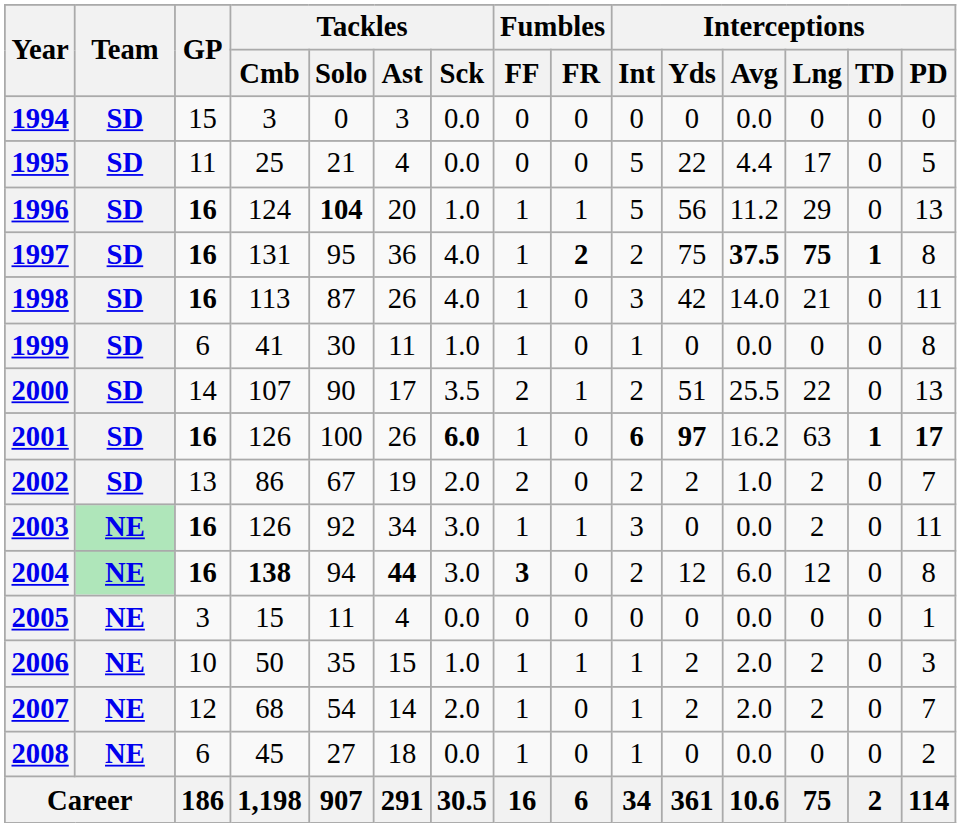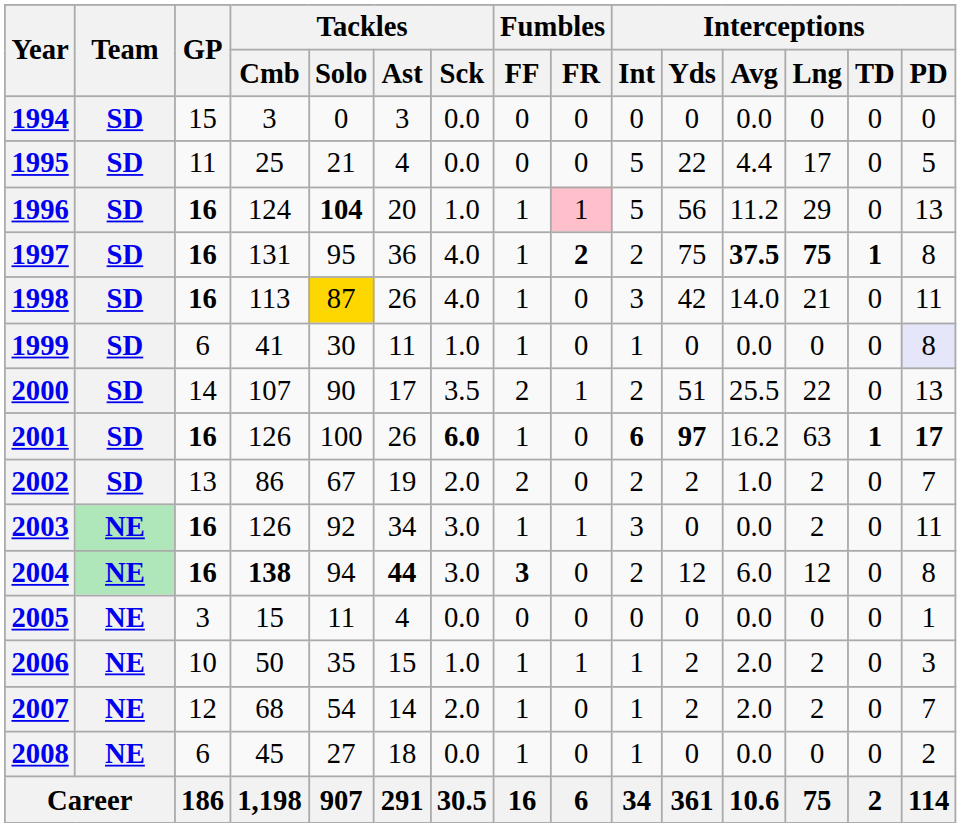 <table class=wikitable style="text-align:center;">
 <tr>
 <th rowspan="2">Year</th>
 <th rowspan="2">Team</th>
 <th rowspan="2">GP</th>
 <th colspan="4">Tackles</th>
 <th colspan="2">Fumbles</th>
 <th colspan="6">Interceptions</th>
 </tr>
 <tr>
 <th>Cmb</th>
 <th>Solo</th>
 <th>Ast</th>
 <th>Sck</th>
 <th>FF</th>
 <th>FR</th>
 <th>Int</th>
 <th>Yds</th>
 <th>Avg</th>
 <th>Lng</th>
 <th>TD</th>
 <th>PD</th>
 </tr>
 <tr>
 <th><a href='#'>1994</a></th>
 <th><a href='#'>SD</a></th>
 <td>15</td>
 <td>3</td>
 <td>0</td>
 <td>3</td>
 <td>0.0</td>
 <td>0</td>
 <td>0</td>
 <td>0</td>
 <td>0</td>
 <td>0.0</td>
 <td>0</td>
 <td>0</td>
 <td>0</td>
 </tr>
 <tr>
 <th><a href='#'>1995</a></th>
 <th><a href='#'>SD</a></th>
 <td>11</td>
 <td>25</td>
 <td>21</td>
 <td>4</td>
 <td>0.0</td>
 <td>0</td>
 <td>0</td>
 <td>5</td>
 <td>22</td>
 <td>4.4</td>
 <td>17</td>
 <td>0</td>
 <td>5</td>
 </tr>
 <tr>
 <th><a href='#'>1996</a></th>
 <th><a href='#'>SD</a></th>
 <td><strong>16</strong></td>
 <td>124</td>
 <td><strong>104</strong></td>
 <td>20</td>
 <td>1.0</td>
 <td>1</td>
-<td>1</td>
+<td style="background: pink;">1</td>
 <td>5</td>
 <td>56</td>
 <td>11.2</td>
 <td>29</td>
 <td>0</td>
 <td>13</td>
 </tr>
 <tr>
 <th><a href='#'>1997</a></th>
 <th><a href='#'>SD</a></th>
 <td><strong>16</strong></td>
 <td>131</td>
 <td>95</td>
 <td>36</td>
 <td>4.0</td>
 <td>1</td>
 <td><strong>2</strong></td>
 <td>2</td>
 <td>75</td>
 <td><strong>37.5</strong></td>
 <td><strong>75</strong></td>
 <td><strong>1</strong></td>
 <td>8</td>
 </tr>
 <tr>
 <th><a href='#'>1998</a></th>
 <th><a href='#'>SD</a></th>
 <td><strong>16</strong></td>
 <td>113</td>
-<td>87</td>
+<td style="background: gold;">87</td>
 <td>26</td>
 <td>4.0</td>
 <td>1</td>
 <td>0</td>
 <td>3</td>
 <td>42</td>
 <td>14.0</td>
 <td>21</td>
 <td>0</td>
 <td>11</td>
 </tr>
 <tr>
 <th><a href='#'>1999</a></th>
 <th><a href='#'>SD</a></th>
 <td>6</td>
 <td>41</td>
 <td>30</td>
 <td>11</td>
 <td>1.0</td>
 <td>1</td>
 <td>0</td>
 <td>1</td>
 <td>0</td>
 <td>0.0</td>
 <td>0</td>
 <td>0</td>
-<td>8</td>
+<td style="background: lavender;">8</td>
 </tr>
 <tr>
 <th><a href='#'>2000</a></th>
 <th><a href='#'>SD</a></th>
 <td>14</td>
 <td>107</td>
 <td>90</td>
 <td>17</td>
 <td>3.5</td>
 <td>2</td>
 <td>1</td>
 <td>2</td>
 <td>51</td>
 <td>25.5</td>
 <td>22</td>
 <td>0</td>
 <td>13</td>
 </tr>
 <tr>
 <th><a href='#'>2001</a></th>
 <th><a href='#'>SD</a></th>
 <td><strong>16</strong></td>
 <td>126</td>
 <td>100</td>
 <td>26</td>
 <td><strong>6.0</strong></td>
 <td>1</td>
 <td>0</td>
 <td><strong>6</strong></td>
 <td><strong>97</strong></td>
 <td>16.2</td>
 <td>63</td>
 <td><strong>1</strong></td>
 <td><strong>17</strong></td>
 </tr>
 <tr>
 <th><a href='#'>2002</a></th>
 <th><a href='#'>SD</a></th>
 <td>13</td>
 <td>86</td>
 <td>67</td>
 <td>19</td>
 <td>2.0</td>
 <td>2</td>
 <td>0</td>
 <td>2</td>
 <td>2</td>
 <td>1.0</td>
 <td>2</td>
 <td>0</td>
 <td>7</td>
 </tr>
 <tr>
 <th><a href='#'>2003</a></th>
 <th style="background:#afe6ba; width:3em;"><a href='#'>NE</a></th>
 <td><strong>16</strong></td>
 <td>126</td>
 <td>92</td>
 <td>34</td>
 <td>3.0</td>
 <td>1</td>
 <td>1</td>
 <td>3</td>
 <td>0</td>
 <td>0.0</td>
 <td>2</td>
 <td>0</td>
 <td>11</td>
 </tr>
 <tr>
 <th><a href='#'>2004</a></th>
 <th style="background:#afe6ba; width:3em;"><a href='#'>NE</a></th>
 <td><strong>16</strong></td>
 <td><strong>138</strong></td>
 <td>94</td>
 <td><strong>44</strong></td>
 <td>3.0</td>
 <td><strong>3</strong></td>
 <td>0</td>
 <td>2</td>
 <td>12</td>
 <td>6.0</td>
 <td>12</td>
 <td>0</td>
 <td>8</td>
 </tr>
 <tr>
 <th><a href='#'>2005</a></th>
 <th><a href='#'>NE</a></th>
 <td>3</td>
 <td>15</td>
 <td>11</td>
 <td>4</td>
 <td>0.0</td>
 <td>0</td>
 <td>0</td>
 <td>0</td>
 <td>0</td>
 <td>0.0</td>
 <td>0</td>
 <td>0</td>
 <td>1</td>
 </tr>
 <tr>
 <th><a href='#'>2006</a></th>
 <th><a href='#'>NE</a></th>
 <td>10</td>
 <td>50</td>
 <td>35</td>
 <td>15</td>
 <td>1.0</td>
 <td>1</td>
 <td>1</td>
 <td>1</td>
 <td>2</td>
 <td>2.0</td>
 <td>2</td>
 <td>0</td>
 <td>3</td>
 </tr>
 <tr>
 <th><a href='#'>2007</a></th>
 <th><a href='#'>NE</a></th>
 <td>12</td>
 <td>68</td>
 <td>54</td>
 <td>14</td>
 <td>2.0</td>
 <td>1</td>
 <td>0</td>
 <td>1</td>
 <td>2</td>
 <td>2.0</td>
 <td>2</td>
 <td>0</td>
 <td>7</td>
 </tr>
 <tr>
 <th><a href='#'>2008</a></th>
 <th><a href='#'>NE</a></th>
 <td>6</td>
 <td>45</td>
 <td>27</td>
 <td>18</td>
 <td>0.0</td>
 <td>1</td>
 <td>0</td>
 <td>1</td>
 <td>0</td>
 <td>0.0</td>
 <td>0</td>
 <td>0</td>
 <td>2</td>
 </tr>
 <tr>
 <th colspan="2">Career</th>
 <th>186</th>
 <th>1,198</th>
 <th>907</th>
 <th>291</th>
 <th>30.5</th>
 <th>16</th>
 <th>6</th>
 <th>34</th>
 <th>361</th>
 <th>10.6</th>
 <th>75</th>
 <th>2</th>
 <th>114</th>
 </tr>
 </table>
